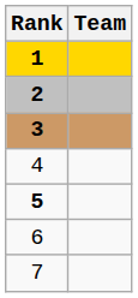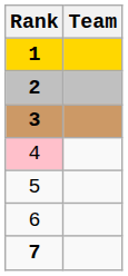 <table class="wikitable" style="text-align:center">
 <tr>
 <th>Rank</th>
 <th>Team</th>
 </tr>
 <tr bgcolor="gold">
 <td><strong>1</strong></td>
 <td align="left"><strong></strong></td>
 </tr>
 <tr bgcolor="silver">
 <td><strong>2</strong></td>
 <td align="left"><strong></strong></td>
 </tr>
 <tr bgcolor="#CC9966">
 <td><strong>3</strong></td>
 <td align="left"><strong></strong></td>
 </tr>
 <tr>
-<td>4</td>
+<td style="background: pink;">4</td>
 <td align="left"></td>
 </tr>
 <tr>
-<td><strong>5</strong></td>
+<td>5</td>
 <td align="left"></td>
 </tr>
 <tr>
 <td>6</td>
 <td align="left"></td>
 </tr>
 <tr>
-<td>7</td>
+<td><strong>7</strong></td>
 <td align="left"></td>
 </tr>
 </table>
